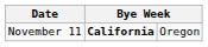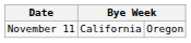 <table class="wikitable" style="font-size:95%;">
 <tr>
 <th>Date</th>
 <th colspan="2">Bye Week</th>
 </tr>
 <tr>
 <td>November 11</td>
-<td><strong>California</strong></td>
+<td>California</td>
 <td>Oregon</td>
 </tr>
 </table>
